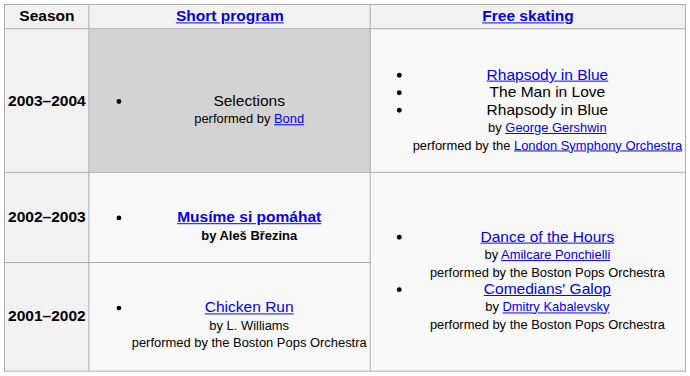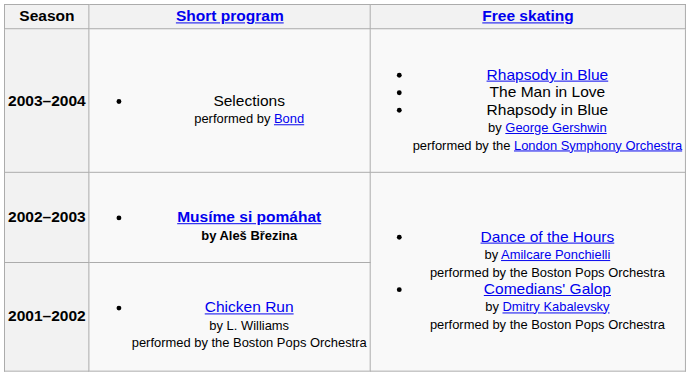 <table class="wikitable" style="text-align:center">
 <tr>
 <th>Season</th>
 <th><a href='#'>Short program</a></th>
 <th><a href='#'>Free skating</a></th>
 </tr>
 <tr>
 <th>2003–2004 <br> </th>
-<td style="background: lightgrey;"><br><ul><li>Selections <br><small> performed by <a href='#'>Bond</a> </small></li></ul></td>
+<td><br><ul><li>Selections <br><small> performed by <a href='#'>Bond</a> </small></li></ul></td>
 <td><br><ul><li><a href='#'>Rhapsody in Blue</a></li><li>The Man in Love</li><li>Rhapsody in Blue <br><small> by <a href='#'>George Gershwin</a> <br> performed by the <a href='#'>London Symphony Orchestra</a> </small></li></ul></td>
 </tr>
 <tr>
 <th>2002–2003 <br> </th>
 <td><strong><br><ul><li><a href='#'>Musíme si pomáhat</a> <br><small> by Aleš Březina </small></li></ul></strong></td>
 <td rowspan=2><br><ul><li><a href='#'>Dance of the Hours</a> <br><small> by <a href='#'>Amilcare Ponchielli</a> <br> performed by the Boston Pops Orchestra </small></li><li><a href='#'>Comedians' Galop</a> <br><small> by <a href='#'>Dmitry Kabalevsky</a> <br> performed by the Boston Pops Orchestra </small></li></ul></td>
 </tr>
 <tr>
 <th>2001–2002 <br> </th>
 <td><br><ul><li><a href='#'>Chicken Run</a> <br><small> by L. Williams <br> performed by the Boston Pops Orchestra </small></li></ul></td>
 </tr>
 </table>
